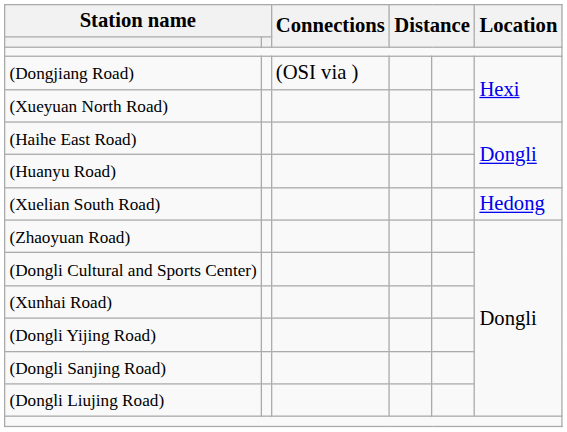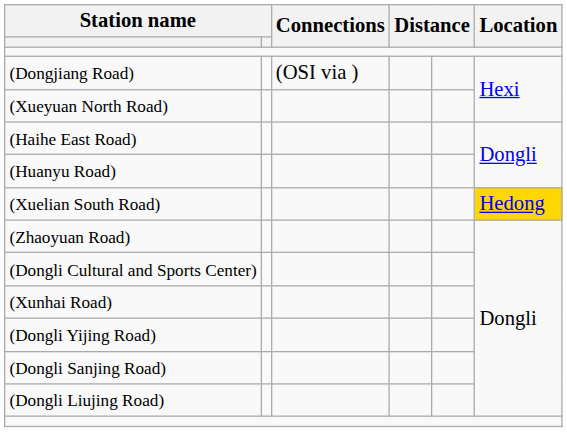 <table class="wikitable">
 <tr>
 <th colspan="2">Station name</th>
 <th rowspan="2">Connections</th>
 <th colspan="2" rowspan="2">Distance<br></th>
 <th rowspan="2">Location</th>
 </tr>
 <tr>
 <th></th>
 <th></th>
 </tr>
 <tr style="background:#">
 <td colspan="7"></td>
 </tr>
 <tr>
 <td> <small>(Dongjiang Road)</small></td>
 <td></td>
 <td> (OSI via )</td>
 <td></td>
 <td></td>
 <td rowspan="2"><a href='#'>Hexi</a></td>
 </tr>
 <tr>
 <td> <small>(Xueyuan North Road)</small></td>
 <td></td>
 <td></td>
 <td></td>
 <td></td>
 </tr>
 <tr>
 <td> <small>(Haihe East Road)</small></td>
 <td></td>
 <td></td>
 <td></td>
 <td></td>
 <td rowspan="2"><a href='#'>Dongli</a></td>
 </tr>
 <tr>
 <td> <small>(Huanyu Road)</small></td>
 <td></td>
 <td></td>
 <td></td>
 <td></td>
 </tr>
 <tr>
 <td> <small>(Xuelian South Road)</small></td>
 <td></td>
 <td></td>
 <td></td>
 <td></td>
-<td><a href='#'>Hedong</a></td>
+<td style="background: gold;"><a href='#'>Hedong</a></td>
 </tr>
 <tr>
 <td> <small>(Zhaoyuan Road)</small></td>
 <td></td>
 <td></td>
 <td></td>
 <td></td>
 <td rowspan="6">Dongli</td>
 </tr>
 <tr>
 <td> <small>(Dongli Cultural and Sports Center)</small></td>
 <td></td>
 <td></td>
 <td></td>
 <td></td>
 </tr>
 <tr>
 <td> <small>(Xunhai Road)</small></td>
 <td></td>
 <td></td>
 <td></td>
 <td></td>
 </tr>
 <tr>
 <td> <small>(Dongli Yijing Road)</small></td>
 <td></td>
 <td></td>
 <td></td>
 <td></td>
 </tr>
 <tr>
 <td> <small>(Dongli Sanjing Road)</small></td>
 <td></td>
 <td></td>
 <td></td>
 <td></td>
 </tr>
 <tr>
 <td> <small>(Dongli Liujing Road)</small></td>
 <td></td>
 <td></td>
 <td></td>
 <td></td>
 </tr>
 <tr style="background:#">
 <td colspan="7"></td>
 </tr>
 </table>
